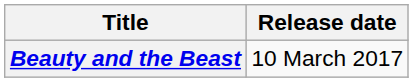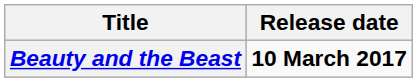 <table class="wikitable plainrowheaders">
 <tr>
 <th scope="col">Title</th>
 <th scope="col">Release date</th>
 </tr>
 <tr>
 <th scope="row"><em><a href='#'>Beauty and the Beast</a></em></th>
-<td>10 March 2017</td>
+<td><strong>10 March 2017</strong></td>
 </tr>
 </table>
